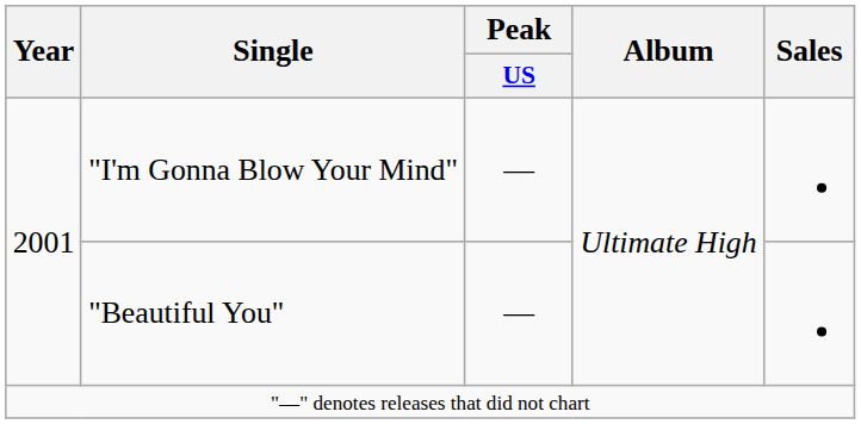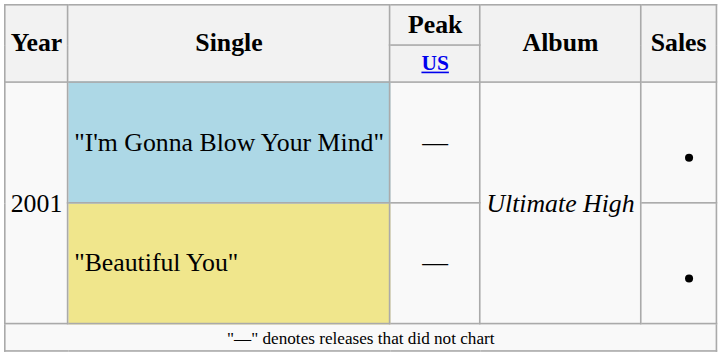 <table class="wikitable" style="text-align:center">
 <tr>
 <th rowspan="2">Year</th>
 <th rowspan="2">Single</th>
 <th>Peak</th>
 <th rowspan="2">Album</th>
 <th rowspan="2">Sales</th>
 </tr>
 <tr style="font-size:smaller;">
 <th style="width:50px;"><a href='#'>US</a></th>
 </tr>
 <tr>
 <td rowspan="2">2001</td>
-<td style="text-align:left;">"I'm Gonna Blow Your Mind"</td>
+<td style="background: lightblue; text-align:left;">"I'm Gonna Blow Your Mind"</td>
 <td>—</td>
 <td rowspan="2" style="text-align:left;"><em>Ultimate High</em></td>
 <td style="text-align:left;"><br><ul><li></li></ul></td>
 </tr>
 <tr>
-<td style="text-align:left;">"Beautiful You"</td>
+<td style="background: khaki; text-align:left;">"Beautiful You"</td>
 <td>—</td>
 <td style="text-align:left;"><br><ul><li></li></ul></td>
 </tr>
 <tr>
 <td colspan="5" style="font-size:8pt">"—" denotes releases that did not chart</td>
 </tr>
 </table>
